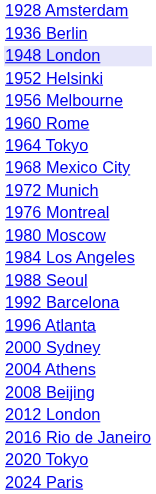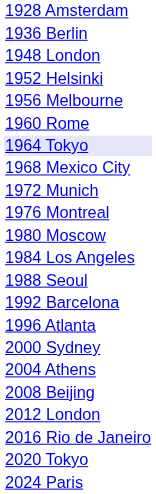 <table>
 <tr>
 <td><a href='#'>1928 Amsterdam</a><br></td>
 <td><br></td>
 <td><br></td>
 <td><br></td>
 </tr>
 <tr>
 <td><a href='#'>1936 Berlin</a><br></td>
 <td><br></td>
 <td><br></td>
 <td><br></td>
 </tr>
 <tr>
-<td style="background: lavender;"><a href='#'>1948 London</a><br></td>
+<td><a href='#'>1948 London</a><br></td>
 <td><br></td>
 <td><br></td>
 <td><br></td>
 </tr>
 <tr>
 <td><a href='#'>1952 Helsinki</a><br></td>
 <td><br></td>
 <td><br></td>
 <td><br></td>
 </tr>
 <tr>
 <td><a href='#'>1956 Melbourne</a><br></td>
 <td><br></td>
 <td><br></td>
 <td><br></td>
 </tr>
 <tr>
 <td><a href='#'>1960 Rome</a><br></td>
 <td><br></td>
 <td><br></td>
 <td><br></td>
 </tr>
 <tr>
-<td><a href='#'>1964 Tokyo</a><br></td>
+<td style="background: lavender;"><a href='#'>1964 Tokyo</a><br></td>
 <td><br></td>
 <td><br></td>
 <td><br></td>
 </tr>
 <tr>
 <td><a href='#'>1968 Mexico City</a><br></td>
 <td><br></td>
 <td><br></td>
 <td><br></td>
 </tr>
 <tr>
 <td><a href='#'>1972 Munich</a><br></td>
 <td><br></td>
 <td><br></td>
 <td><br></td>
 </tr>
 <tr>
 <td><a href='#'>1976 Montreal</a><br></td>
 <td><br></td>
 <td><br></td>
 <td><br></td>
 </tr>
 <tr>
 <td><a href='#'>1980 Moscow</a><br></td>
 <td><br></td>
 <td><br></td>
 <td><br></td>
 </tr>
 <tr>
 <td><a href='#'>1984 Los Angeles</a><br></td>
 <td><br></td>
 <td><br></td>
 <td><br></td>
 </tr>
 <tr>
 <td><a href='#'>1988 Seoul</a><br></td>
 <td><br></td>
 <td><br></td>
 <td><br></td>
 </tr>
 <tr>
 <td><a href='#'>1992 Barcelona</a><br></td>
 <td><br></td>
 <td><br></td>
 <td><br></td>
 </tr>
 <tr>
 <td><a href='#'>1996 Atlanta</a><br></td>
 <td><br></td>
 <td><br></td>
 <td><br></td>
 </tr>
 <tr>
 <td><a href='#'>2000 Sydney</a><br></td>
 <td><br></td>
 <td><br></td>
 <td><br></td>
 </tr>
 <tr>
 <td><a href='#'>2004 Athens</a><br></td>
 <td><br></td>
 <td><br></td>
 <td><br></td>
 </tr>
 <tr>
 <td><a href='#'>2008 Beijing</a><br></td>
 <td><br></td>
 <td><br></td>
 <td><br></td>
 </tr>
 <tr>
 <td><a href='#'>2012 London</a><br></td>
 <td><br></td>
 <td><br></td>
 <td><br></td>
 </tr>
 <tr>
 <td><a href='#'>2016 Rio de Janeiro</a><br></td>
 <td><br></td>
 <td><br></td>
 <td><br></td>
 </tr>
 <tr>
 <td><a href='#'>2020 Tokyo</a><br></td>
 <td><br></td>
 <td><br></td>
 <td><br></td>
 </tr>
 <tr>
 <td><a href='#'>2024 Paris</a><br></td>
 <td><br></td>
 <td><br></td>
 <td><br></td>
 </tr>
 </table>
